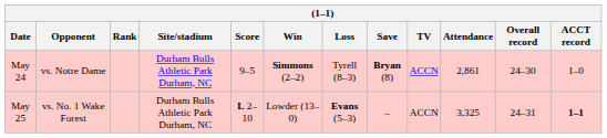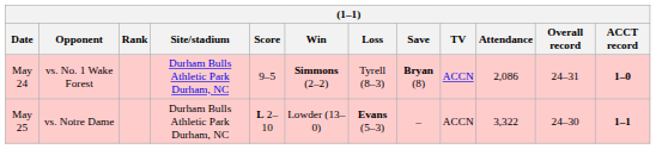 <table class="wikitable collapsible collapsed" style="margin:auto; width:100%; text-align:center; font-size:95%">
 <tr>
 <th colspan=12 style="padding-left:4em;"> (1–1)</th>
 </tr>
 <tr>
 <th>Date</th>
 <th>Opponent</th>
 <th>Rank</th>
 <th>Site/stadium</th>
 <th>Score</th>
 <th>Win</th>
 <th>Loss</th>
 <th>Save</th>
 <th>TV</th>
 <th>Attendance</th>
 <th>Overall record</th>
 <th>ACCT record</th>
 </tr>
 <tr align="center" bgcolor="#ffcccc">
 <td>May 24</td>
-<td>vs. Notre Dame</td>
+<td>vs. No. 1 Wake Forest</td>
 <td></td>
 <td><a href='#'>Durham Bulls Athletic Park</a><br><a href='#'>Durham, NC</a></td>
 <td>9–5</td>
 <td><strong>Simmons</strong> (2–2)</td>
 <td>Tyrell (8–3)</td>
 <td><strong>Bryan</strong> (8)</td>
 <td><a href='#'>ACCN</a></td>
-<td>2,861</td>
-<td>24–30</td>
-<td>1–0</td>
+<td>2,086</td>
+<td>24–31</td>
+<td><strong>1–0</strong></td>
 </tr>
 <tr align="center" bgcolor="#ffcccc">
 <td>May 25</td>
-<td>vs. No. 1 Wake Forest</td>
+<td>vs. Notre Dame</td>
 <td></td>
 <td>Durham Bulls Athletic Park<br>Durham, NC</td>
 <td><strong>L</strong> 2–10</td>
 <td>Lowder (13–0)</td>
 <td><strong>Evans</strong> (5–3)</td>
 <td>–</td>
 <td>ACCN</td>
-<td>3,325</td>
-<td>24–31</td>
+<td>3,322</td>
+<td>24–30</td>
 <td><strong>1–1</strong></td>
 </tr>
 </table>
